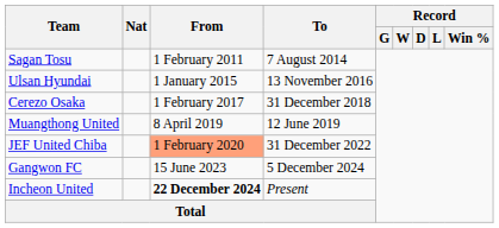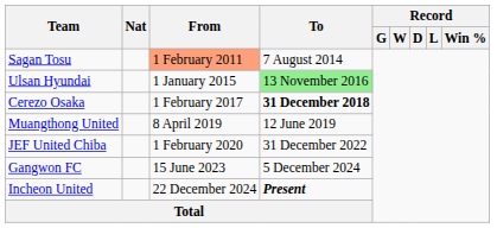 <table class="wikitable" style="text-align: center">
 <tr>
 <th rowspan="2">Team</th>
 <th rowspan="2">Nat</th>
 <th rowspan="2">From</th>
 <th rowspan="2">To</th>
 <th colspan="5">Record</th>
 </tr>
 <tr>
 <th>G</th>
 <th>W</th>
 <th>D</th>
 <th>L</th>
 <th>Win %</th>
 </tr>
 <tr>
 <td align="left"><a href='#'>Sagan Tosu</a></td>
 <td align="left"></td>
-<td align="left">1 February 2011</td>
+<td align="left" style="background: lightsalmon;">1 February 2011</td>
 <td align="left">7 August 2014<br></td>
 </tr>
 <tr>
 <td align="left"><a href='#'>Ulsan Hyundai</a></td>
 <td align="left"></td>
 <td align="left">1 January 2015</td>
-<td align="left">13 November 2016<br></td>
+<td align="left" style="background: lightgreen;">13 November 2016<br></td>
 </tr>
 <tr>
 <td align="left"><a href='#'>Cerezo Osaka</a></td>
 <td align="left"></td>
 <td align="left">1 February 2017</td>
-<td align="left">31 December 2018<br></td>
+<td align="left"><strong>31 December 2018<br></strong></td>
 </tr>
 <tr>
 <td align="left"><a href='#'>Muangthong United</a></td>
 <td align="left"></td>
 <td align="left">8 April 2019</td>
 <td align="left">12 June 2019<br></td>
 </tr>
 <tr>
 <td align="left"><a href='#'>JEF United Chiba</a></td>
 <td align="left"></td>
-<td align="left" style="background: lightsalmon;">1 February 2020</td>
+<td align="left">1 February 2020</td>
 <td align="left">31 December 2022<br></td>
 </tr>
 <tr>
 <td align="left"><a href='#'>Gangwon FC</a></td>
 <td align="left"></td>
 <td align="left">15 June 2023</td>
 <td align="left">5 December 2024<br></td>
 </tr>
 <tr>
 <td align="left"><a href='#'>Incheon United</a></td>
 <td align="left"></td>
-<td align="left"><strong>22 December 2024</strong></td>
-<td align="left"><em>Present</em><br></td>
+<td align="left">22 December 2024</td>
+<td align="left"><strong><em>Present</em><br></strong></td>
 </tr>
 <tr>
 <th colspan="4">Total<br></th>
 </tr>
 </table>
